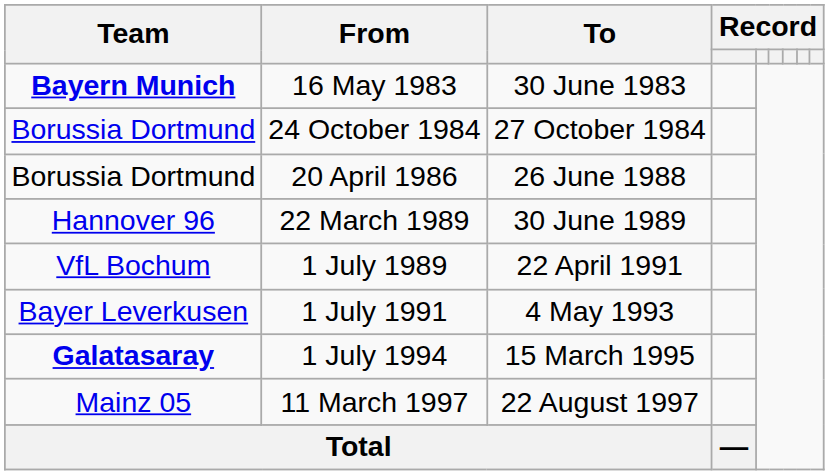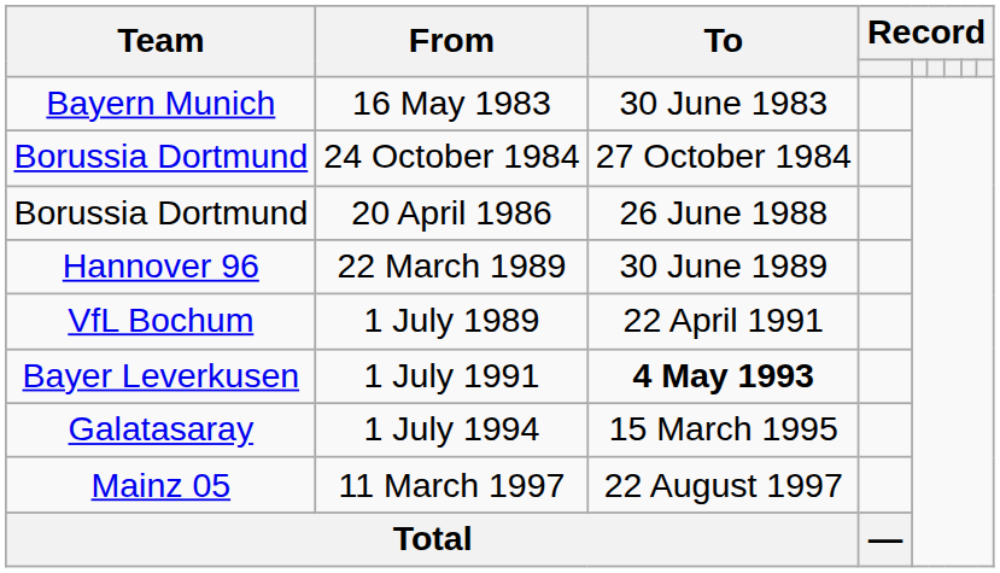 <table class="wikitable" style="text-align: center">
 <tr>
 <th rowspan="2">Team</th>
 <th rowspan="2">From</th>
 <th rowspan="2">To</th>
 <th colspan="6">Record</th>
 </tr>
 <tr>
 <th></th>
 <th></th>
 <th></th>
 <th></th>
 <th></th>
 <th></th>
 </tr>
 <tr>
-<td><strong><a href='#'>Bayern Munich</a></strong></td>
+<td><a href='#'>Bayern Munich</a></td>
 <td>16 May 1983</td>
 <td>30 June 1983<br></td>
 <td></td>
 </tr>
 <tr>
 <td><a href='#'>Borussia Dortmund</a></td>
 <td>24 October 1984</td>
 <td>27 October 1984<br></td>
 <td></td>
 </tr>
 <tr>
 <td>Borussia Dortmund</td>
 <td>20 April 1986</td>
 <td>26 June 1988<br></td>
 <td></td>
 </tr>
 <tr>
 <td><a href='#'>Hannover 96</a></td>
 <td>22 March 1989</td>
 <td>30 June 1989<br></td>
 <td></td>
 </tr>
 <tr>
 <td><a href='#'>VfL Bochum</a></td>
 <td>1 July 1989 </td>
 <td>22 April 1991<br></td>
 <td></td>
 </tr>
 <tr>
 <td><a href='#'>Bayer Leverkusen</a></td>
 <td>1 July 1991</td>
-<td>4 May 1993<br></td>
+<td><strong>4 May 1993<br></strong></td>
 <td></td>
 </tr>
 <tr>
-<td><strong><a href='#'>Galatasaray</a></strong></td>
+<td><a href='#'>Galatasaray</a></td>
 <td>1 July 1994</td>
 <td>15 March 1995<br></td>
 <td></td>
 </tr>
 <tr>
 <td><a href='#'>Mainz 05</a></td>
 <td>11 March 1997</td>
 <td>22 August 1997<br></td>
 <td></td>
 </tr>
 <tr>
 <th colspan="3">Total<br></th>
 <th>—</th>
 </tr>
 </table>
